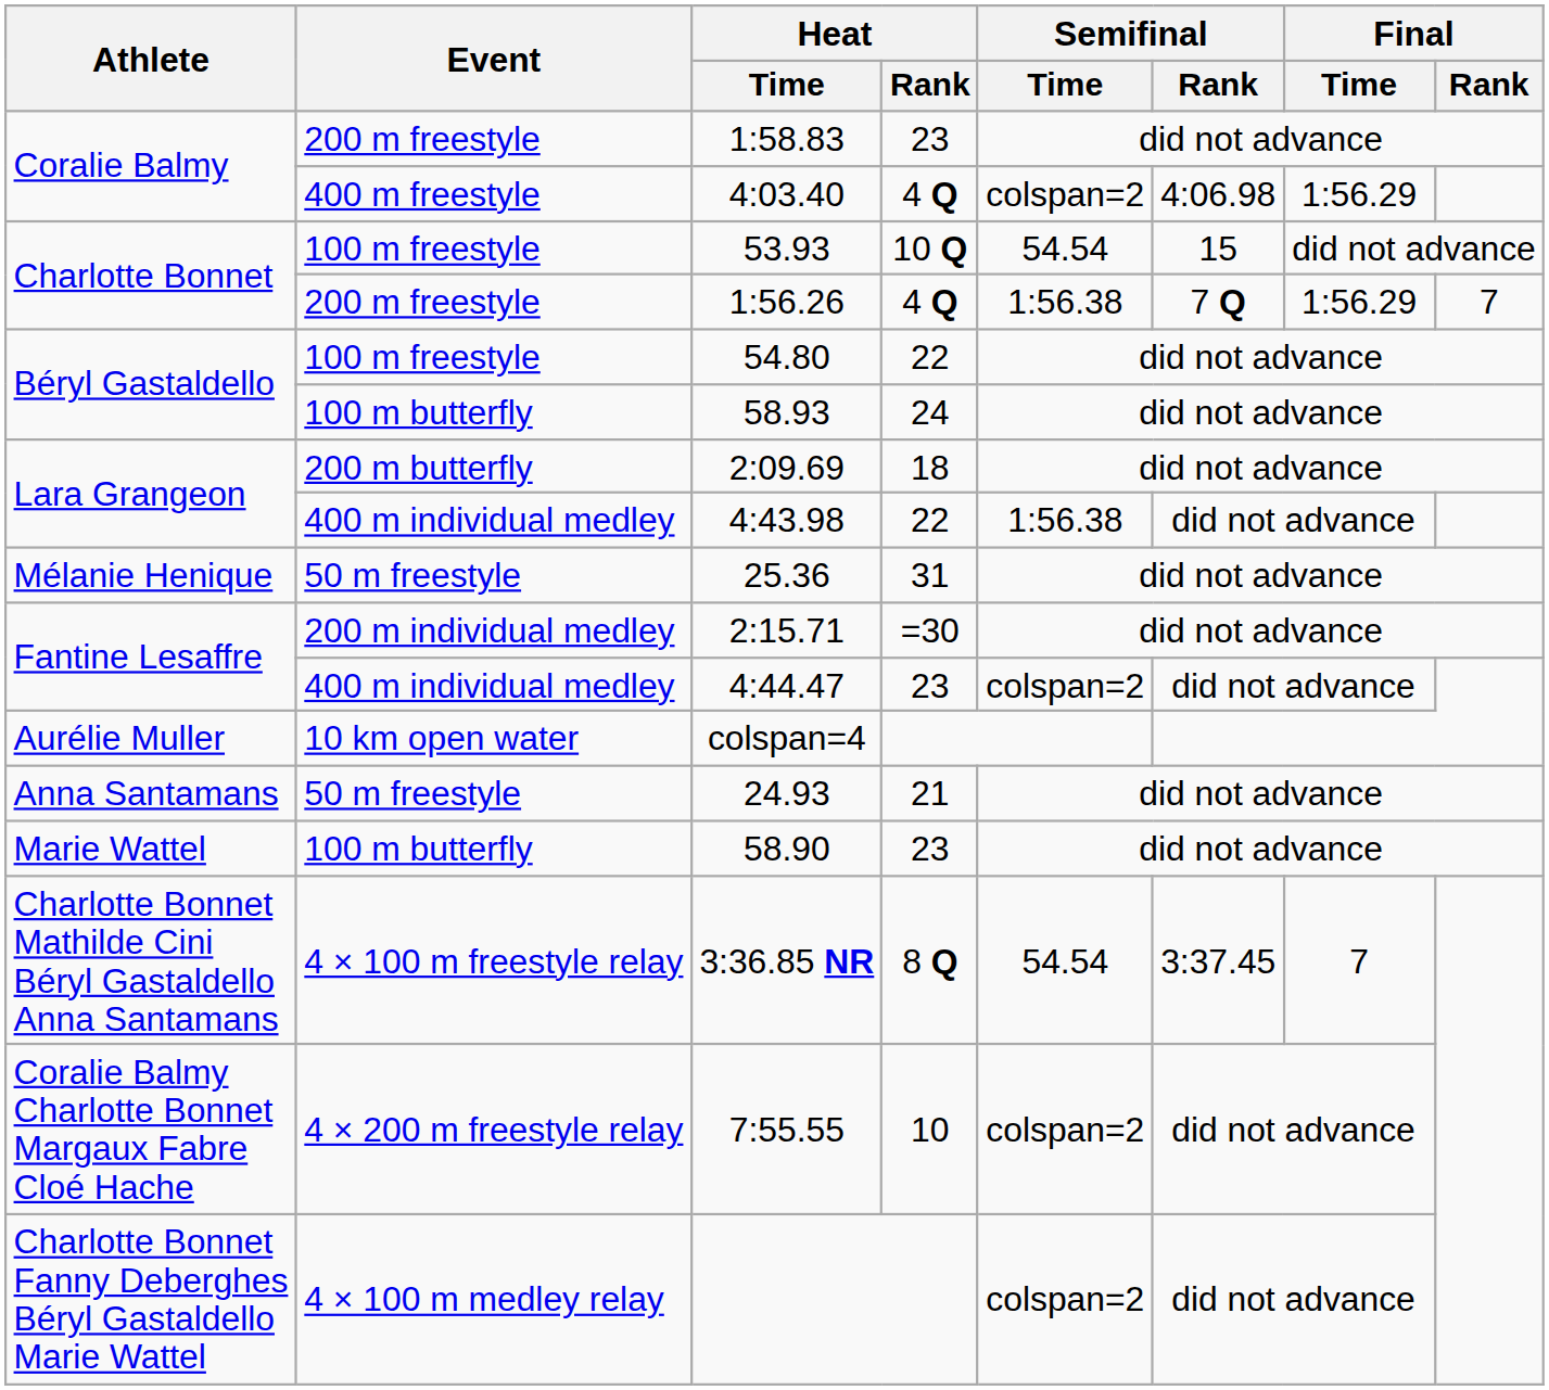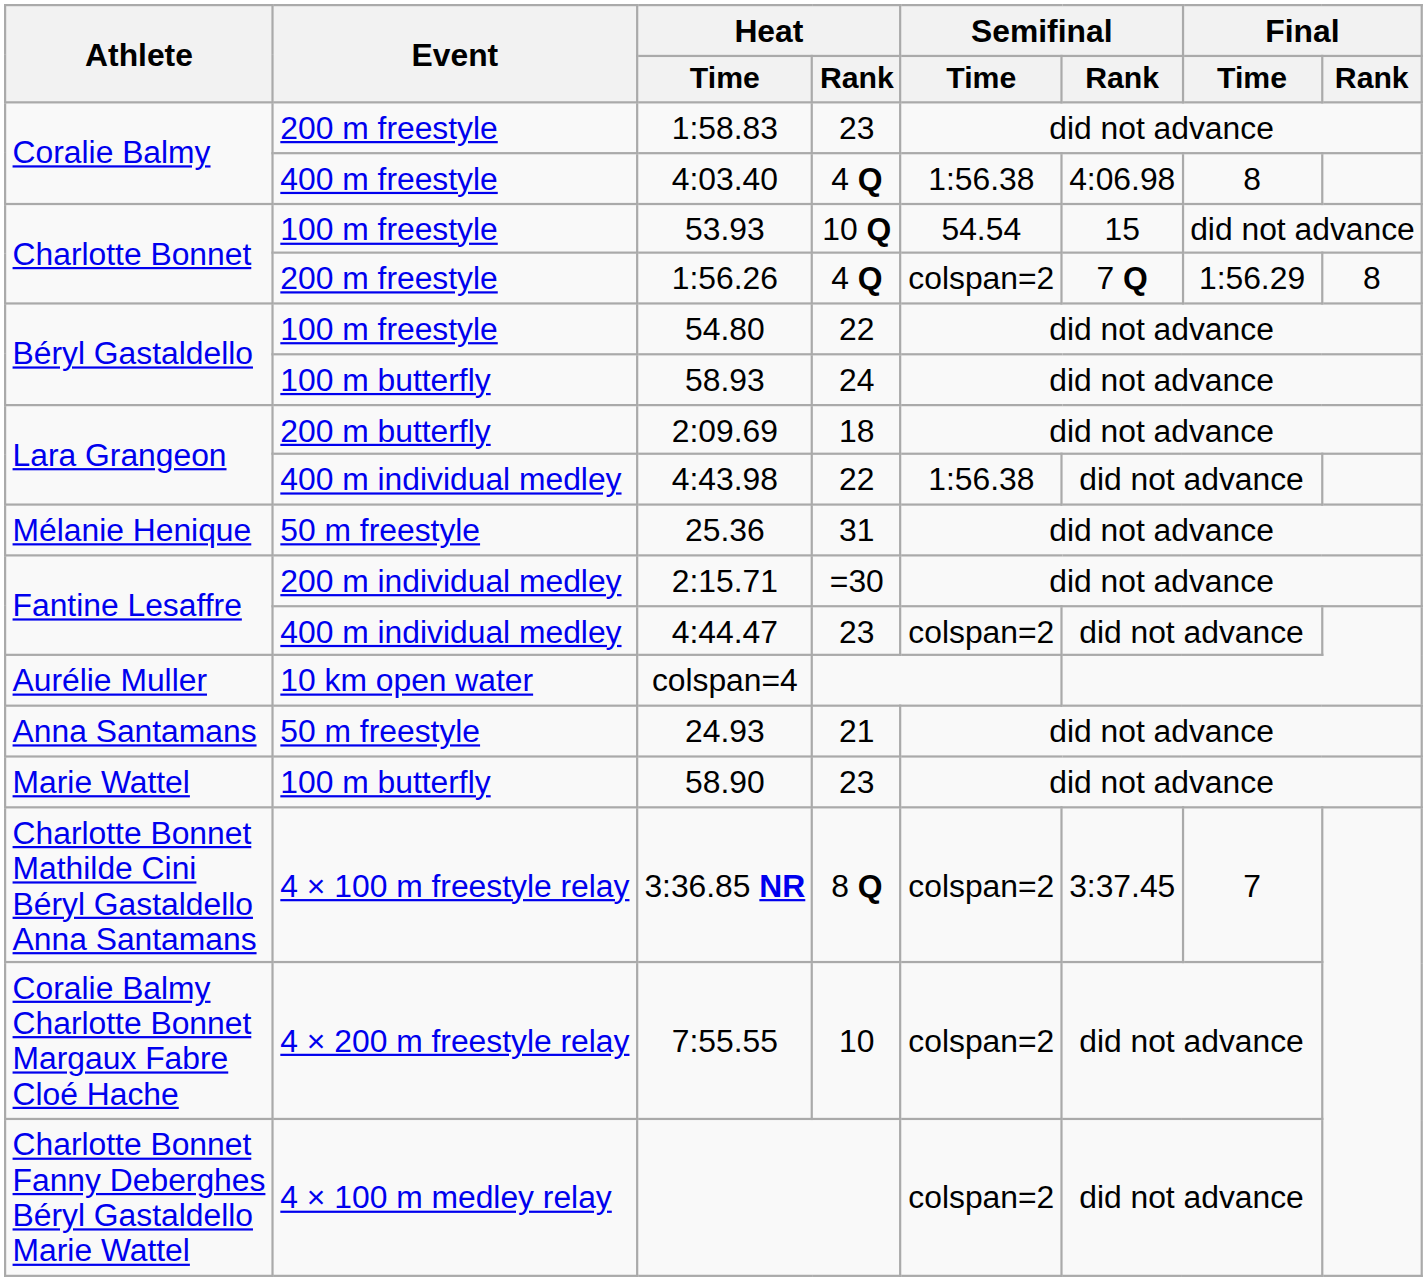 <table class=wikitable style="font-size:90%">
 <tr>
 <th rowspan="2">Athlete</th>
 <th rowspan="2">Event</th>
 <th colspan="2">Heat</th>
 <th colspan="2">Semifinal</th>
 <th colspan="2">Final</th>
 </tr>
 <tr style="font-size:95%">
 <th>Time</th>
 <th>Rank</th>
 <th>Time</th>
 <th>Rank</th>
 <th>Time</th>
 <th>Rank</th>
 </tr>
 <tr align=center>
 <td align=left rowspan=2><a href='#'>Coralie Balmy</a></td>
 <td align=left><a href='#'>200 m freestyle</a></td>
 <td>1:58.83</td>
 <td>23</td>
 <td colspan=4>did not advance</td>
 </tr>
 <tr align=center>
 <td align=left><a href='#'>400 m freestyle</a></td>
 <td>4:03.40</td>
 <td>4 <strong>Q</strong></td>
-<td>colspan=2 </td>
+<td>1:56.38</td>
 <td>4:06.98</td>
-<td>1:56.29</td>
+<td>8</td>
 </tr>
 <tr align=center>
 <td align=left rowspan=2><a href='#'>Charlotte Bonnet</a></td>
 <td align=left><a href='#'>100 m freestyle</a></td>
 <td>53.93</td>
 <td>10 <strong>Q</strong></td>
 <td>54.54</td>
 <td>15</td>
 <td colspan=2>did not advance</td>
 </tr>
 <tr align=center>
 <td align=left><a href='#'>200 m freestyle</a></td>
 <td>1:56.26</td>
 <td>4 <strong>Q</strong></td>
-<td>1:56.38</td>
+<td>colspan=2 </td>
 <td>7 <strong>Q</strong></td>
 <td>1:56.29</td>
-<td>7</td>
+<td>8</td>
 </tr>
 <tr align=center>
 <td style="text-align:left;" rowspan="2"><a href='#'>Béryl Gastaldello</a></td>
 <td align=left><a href='#'>100 m freestyle</a></td>
 <td>54.80</td>
 <td>22</td>
 <td colspan=4>did not advance</td>
 </tr>
 <tr align=center>
 <td align=left><a href='#'>100 m butterfly</a></td>
 <td>58.93</td>
 <td>24</td>
 <td colspan=4>did not advance</td>
 </tr>
 <tr align=center>
 <td align=left rowspan=2><a href='#'>Lara Grangeon</a></td>
 <td align=left><a href='#'>200 m butterfly</a></td>
 <td>2:09.69</td>
 <td>18</td>
 <td colspan=4>did not advance</td>
 </tr>
 <tr align=center>
 <td align=left><a href='#'>400 m individual medley</a></td>
 <td>4:43.98</td>
 <td>22</td>
 <td>1:56.38</td>
 <td colspan=2>did not advance</td>
 </tr>
 <tr align=center>
 <td align=left><a href='#'>Mélanie Henique</a></td>
 <td align=left><a href='#'>50 m freestyle</a></td>
 <td>25.36</td>
 <td>31</td>
 <td colspan=4>did not advance</td>
 </tr>
 <tr align=center>
 <td align=left rowspan=2><a href='#'>Fantine Lesaffre</a></td>
 <td align=left><a href='#'>200 m individual medley</a></td>
 <td>2:15.71</td>
 <td>=30</td>
 <td colspan=4>did not advance</td>
 </tr>
 <tr align=center>
 <td align=left><a href='#'>400 m individual medley</a></td>
 <td>4:44.47</td>
 <td>23</td>
 <td>colspan=2 </td>
 <td colspan=2>did not advance</td>
 </tr>
 <tr align=center>
 <td align=left><a href='#'>Aurélie Muller</a></td>
 <td align=left><a href='#'>10 km open water</a></td>
 <td>colspan=4 </td>
 <td colspan=2></td>
 </tr>
 <tr align=center>
 <td align=left><a href='#'>Anna Santamans</a></td>
 <td align=left><a href='#'>50 m freestyle</a></td>
 <td>24.93</td>
 <td>21</td>
 <td colspan=4>did not advance</td>
 </tr>
 <tr align=center>
 <td align=left><a href='#'>Marie Wattel</a></td>
 <td align=left><a href='#'>100 m butterfly</a></td>
 <td>58.90</td>
 <td>23</td>
 <td colspan=4>did not advance</td>
 </tr>
 <tr align=center>
 <td align=left><a href='#'>Charlotte Bonnet</a><br><a href='#'>Mathilde Cini</a><br><a href='#'>Béryl Gastaldello</a><br><a href='#'>Anna Santamans</a></td>
 <td align=left><a href='#'>4 × 100 m freestyle relay</a></td>
 <td>3:36.85 <strong><a href='#'>NR</a></strong></td>
 <td>8 <strong>Q</strong></td>
-<td>54.54</td>
+<td>colspan=2 </td>
 <td>3:37.45</td>
 <td>7</td>
 </tr>
 <tr align=center>
 <td align=left><a href='#'>Coralie Balmy</a><br><a href='#'>Charlotte Bonnet</a><br><a href='#'>Margaux Fabre</a><br><a href='#'>Cloé Hache</a></td>
 <td align=left><a href='#'>4 × 200 m freestyle relay</a></td>
 <td>7:55.55</td>
 <td>10</td>
 <td>colspan=2 </td>
 <td colspan=2>did not advance</td>
 </tr>
 <tr align=center>
 <td align=left><a href='#'>Charlotte Bonnet</a><br><a href='#'>Fanny Deberghes</a><br><a href='#'>Béryl Gastaldello</a><br><a href='#'>Marie Wattel</a></td>
 <td align=left><a href='#'>4 × 100 m medley relay</a></td>
 <td colspan=2></td>
 <td>colspan=2 </td>
 <td colspan=2>did not advance</td>
 </tr>
 </table>
